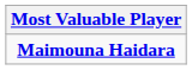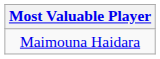 <table class=wikitable style="text-align:center; margin:auto">
 <tr>
 <th><a href='#'>Most Valuable Player</a></th>
 </tr>
 <tr>
-<td><strong> <a href='#'>Maimouna Haidara</a></strong></td>
+<td> <a href='#'>Maimouna Haidara</a></td>
 </tr>
 </table>
